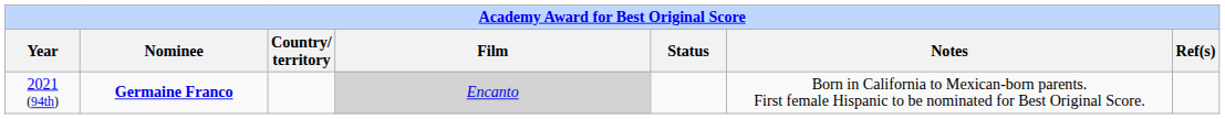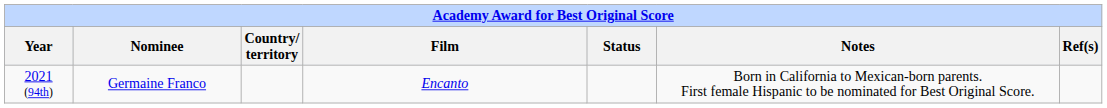 <table class="wikitable" style="text-align: center">
 <tr style="background:#bfd7ff;">
 <td colspan="7" style="text-align:center;"><strong><a href='#'>Academy Award for Best Original Score</a></strong></td>
 </tr>
 <tr style="background:#ebf5ff;">
 <th style="width:75px;">Year</th>
 <th style="width:200px;">Nominee</th>
 <th style="width:50px;">Country/<br>territory</th>
 <th style="width:350px;">Film</th>
 <th style="width:75px;">Status</th>
 <th style="width:500px;">Notes</th>
 <th width="3">Ref(s)</th>
 </tr>
 <tr>
 <td style="text-align: center"><a href='#'>2021</a><br><small>(<a href='#'>94th</a>)</small></td>
-<td><strong><a href='#'>Germaine Franco</a></strong></td>
+<td><a href='#'>Germaine Franco</a></td>
 <td><div></div></td>
-<td style="background: lightgrey;"><em><a href='#'>Encanto</a></em></td>
+<td><em><a href='#'>Encanto</a></em></td>
 <td></td>
 <td>Born in California to Mexican-born parents.<br>First female Hispanic to be nominated for Best Original Score.</td>
 <td style="text-align: center"></td>
 </tr>
 </table>
